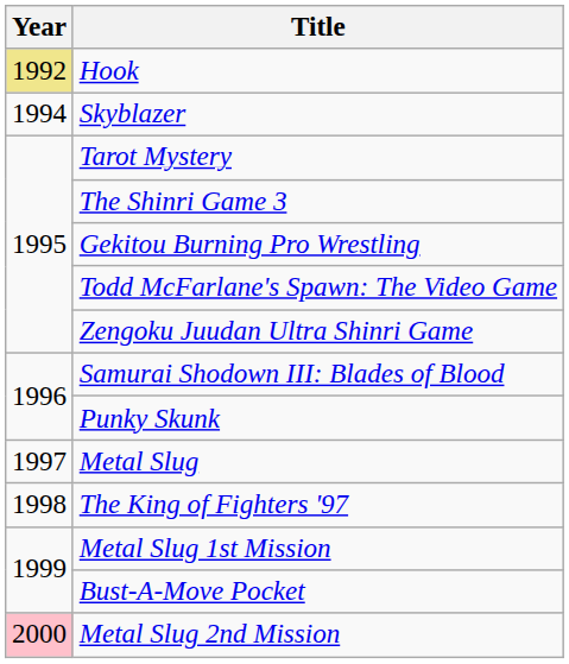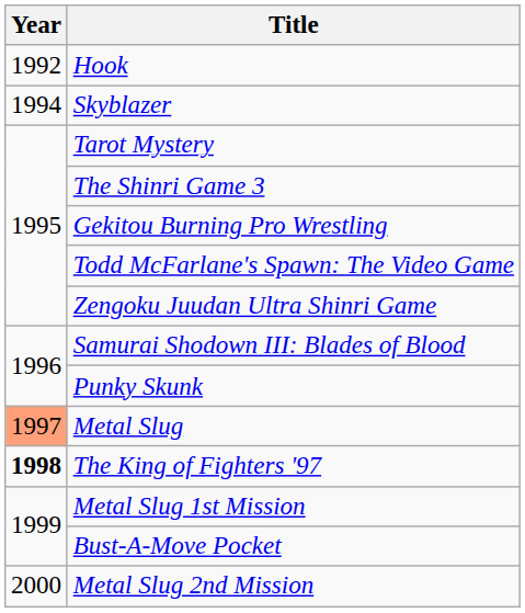 <table class="wikitable sortable">
 <tr>
 <th>Year</th>
 <th>Title</th>
 </tr>
 <tr>
-<td style="background: khaki;">1992</td>
+<td>1992</td>
 <td><em><a href='#'>Hook</a></em></td>
 </tr>
 <tr>
 <td>1994</td>
 <td><em><a href='#'>Skyblazer</a></em></td>
 </tr>
 <tr>
 <td rowspan="5">1995</td>
 <td><em><a href='#'>Tarot Mystery</a></em></td>
 </tr>
 <tr>
 <td><em><a href='#'>The Shinri Game 3</a></em></td>
 </tr>
 <tr>
 <td><em><a href='#'>Gekitou Burning Pro Wrestling</a></em></td>
 </tr>
 <tr>
 <td><em><a href='#'>Todd McFarlane's Spawn: The Video Game</a></em></td>
 </tr>
 <tr>
 <td><em><a href='#'>Zengoku Juudan Ultra Shinri Game</a></em></td>
 </tr>
 <tr>
 <td rowspan="2">1996</td>
 <td><em><a href='#'>Samurai Shodown III: Blades of Blood</a></em></td>
 </tr>
 <tr>
 <td><em><a href='#'>Punky Skunk</a></em></td>
 </tr>
 <tr>
-<td>1997</td>
+<td style="background: lightsalmon;">1997</td>
 <td><em><a href='#'>Metal Slug</a></em></td>
 </tr>
 <tr>
-<td>1998</td>
+<td><strong>1998</strong></td>
 <td><em><a href='#'>The King of Fighters '97</a></em></td>
 </tr>
 <tr>
 <td rowspan="2">1999</td>
 <td><em><a href='#'>Metal Slug 1st Mission</a></em></td>
 </tr>
 <tr>
 <td><em><a href='#'>Bust-A-Move Pocket</a></em></td>
 </tr>
 <tr>
-<td style="background: pink;">2000</td>
+<td>2000</td>
 <td><em><a href='#'>Metal Slug 2nd Mission</a></em></td>
 </tr>
 </table>
